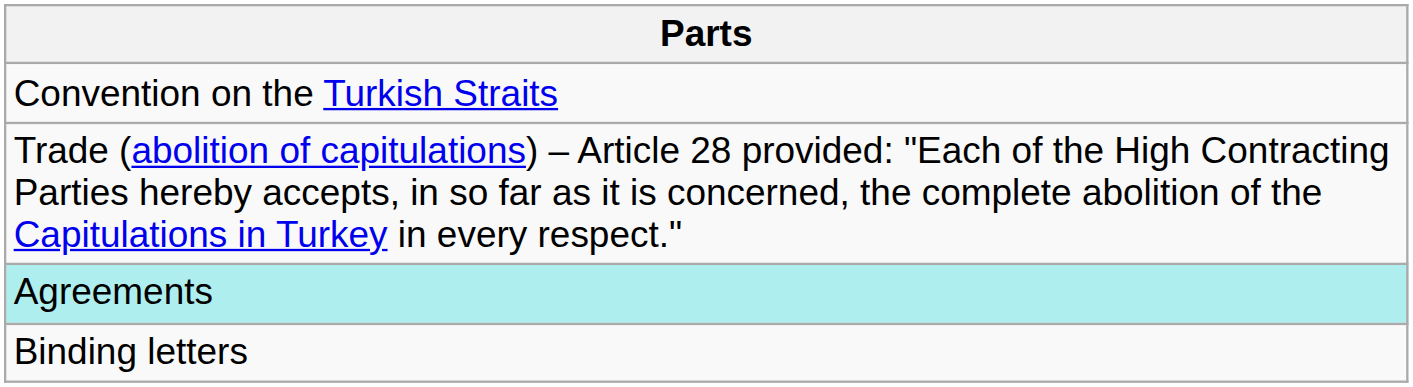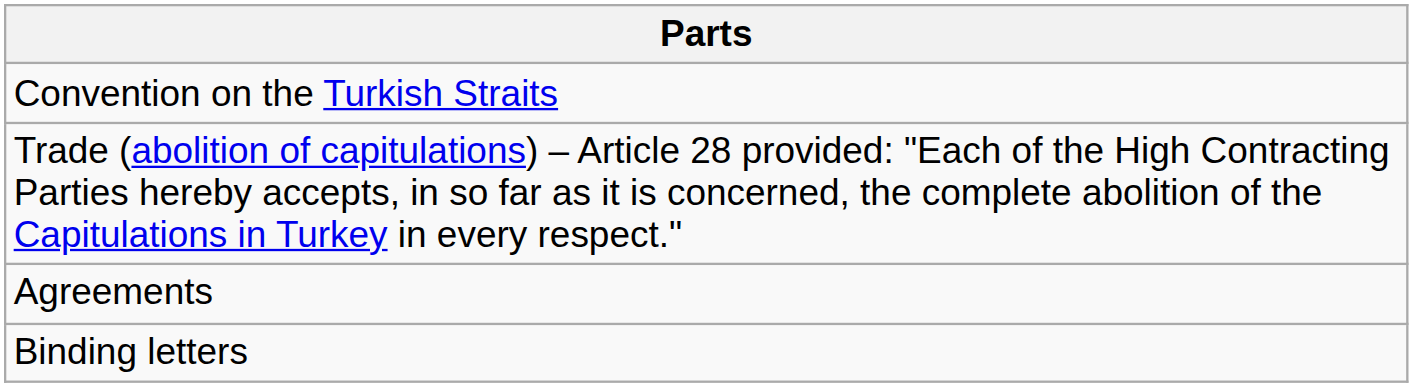 <table class="wikitable">
 <tr>
 <th>Parts</th>
 </tr>
 <tr>
 <td>Convention on the <a href='#'>Turkish Straits</a></td>
 </tr>
 <tr>
 <td>Trade (<a href='#'>abolition of capitulations</a>) – Article 28 provided: "Each of the High Contracting Parties hereby accepts, in so far as it is concerned, the complete abolition of the <a href='#'>Capitulations in Turkey</a> in every respect."</td>
 </tr>
 <tr>
-<td style="background: paleturquoise;">Agreements</td>
+<td>Agreements</td>
 </tr>
 <tr>
 <td>Binding letters</td>
 </tr>
 </table>
